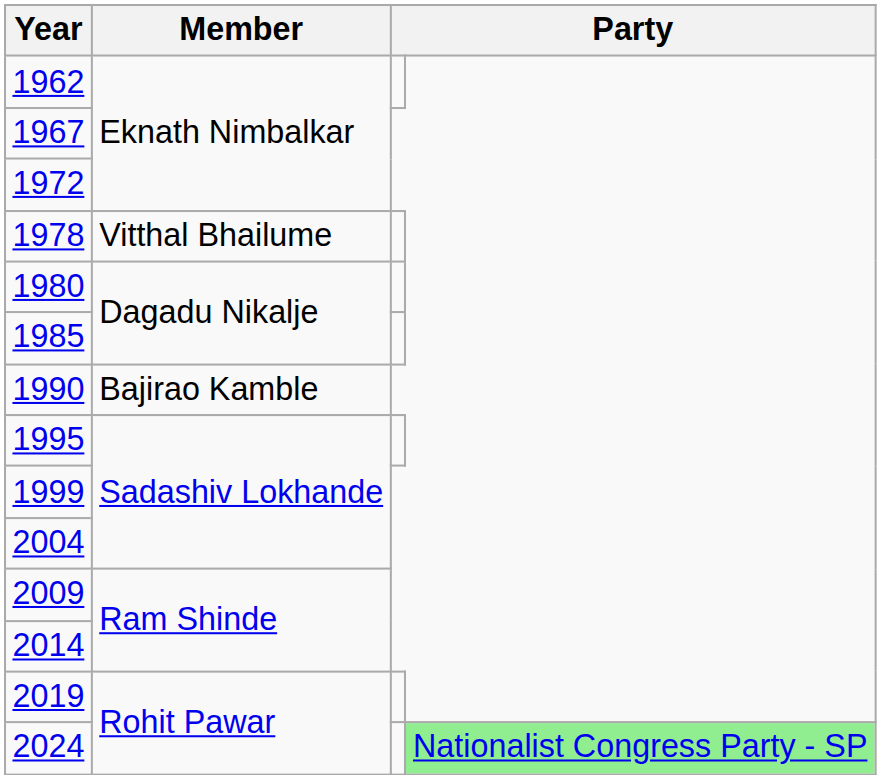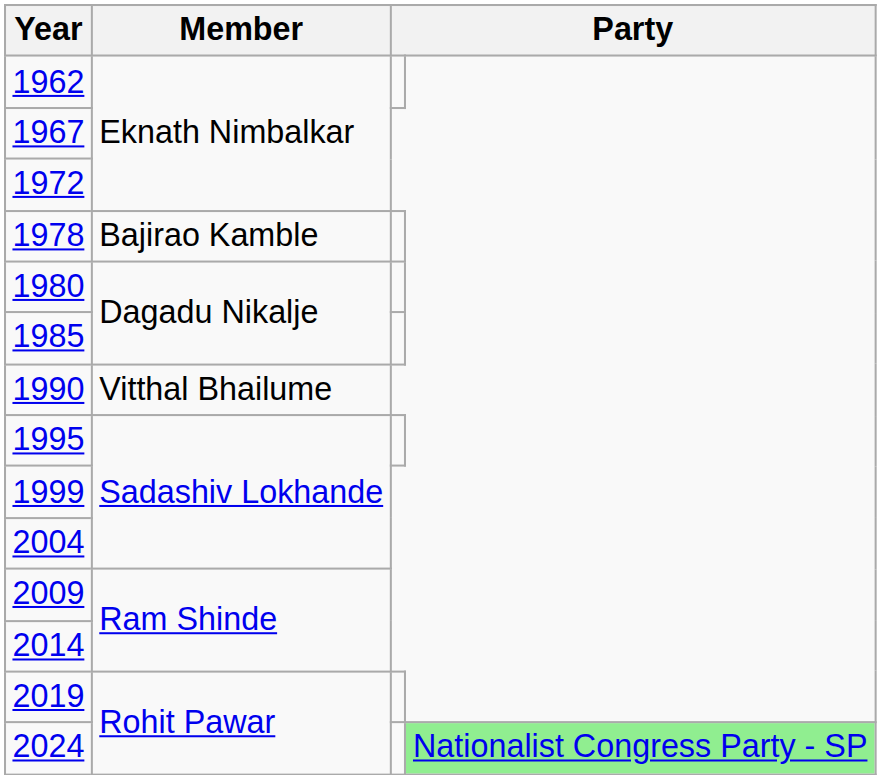 <table class="wikitable">
 <tr>
 <th>Year</th>
 <th>Member</th>
 <th colspan="2">Party</th>
 </tr>
 <tr>
 <td><a href='#'>1962</a></td>
 <td rowspan="3">Eknath Nimbalkar</td>
 <td></td>
 </tr>
 <tr>
 <td><a href='#'>1967</a></td>
 </tr>
 <tr>
 <td><a href='#'>1972</a></td>
 </tr>
 <tr>
 <td><a href='#'>1978</a></td>
-<td>Vitthal Bhailume</td>
+<td>Bajirao Kamble</td>
 <td></td>
 </tr>
 <tr>
 <td><a href='#'>1980</a></td>
 <td rowspan="2">Dagadu Nikalje</td>
 <td></td>
 </tr>
 <tr>
 <td><a href='#'>1985</a></td>
 <td></td>
 </tr>
 <tr>
 <td><a href='#'>1990</a></td>
-<td>Bajirao Kamble</td>
+<td>Vitthal Bhailume</td>
 </tr>
 <tr>
 <td><a href='#'>1995</a></td>
 <td rowspan="3"><a href='#'>Sadashiv Lokhande</a></td>
 <td></td>
 </tr>
 <tr>
 <td><a href='#'>1999</a></td>
 </tr>
 <tr>
 <td><a href='#'>2004</a></td>
 </tr>
 <tr>
 <td><a href='#'>2009</a></td>
 <td rowspan="2"><a href='#'>Ram Shinde</a></td>
 </tr>
 <tr>
 <td><a href='#'>2014</a></td>
 </tr>
 <tr>
 <td><a href='#'>2019</a></td>
 <td rowspan="2"><a href='#'>Rohit Pawar</a></td>
 <td></td>
 </tr>
 <tr>
 <td><a href='#'>2024</a></td>
 <td style="background-color: "></td>
 <td style="background: lightgreen;"><a href='#'>Nationalist Congress Party - SP</a></td>
 </tr>
 </table>
